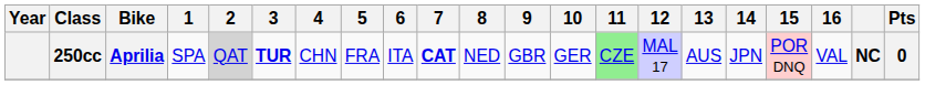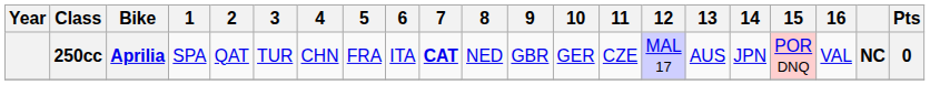 <table class="wikitable" style="text-align:center">
 <tr>
 <th>Year</th>
 <th>Class</th>
 <th>Bike</th>
 <th>1</th>
 <th>2</th>
 <th>3</th>
 <th>4</th>
 <th>5</th>
 <th>6</th>
 <th>7</th>
 <th>8</th>
 <th>9</th>
 <th>10</th>
 <th>11</th>
 <th>12</th>
 <th>13</th>
 <th>14</th>
 <th>15</th>
 <th>16</th>
 <th></th>
 <th>Pts</th>
 </tr>
 <tr>
 <th align="left"></th>
 <th align="left">250cc</th>
 <th align="left"><a href='#'>Aprilia</a></th>
 <td><a href='#'>SPA</a></td>
-<td style="background: lightgrey;"><a href='#'>QAT</a></td>
-<td><strong><a href='#'>TUR</a></strong></td>
+<td><a href='#'>QAT</a></td>
+<td><a href='#'>TUR</a></td>
 <td><a href='#'>CHN</a></td>
 <td><a href='#'>FRA</a></td>
 <td><a href='#'>ITA</a></td>
 <td><strong><a href='#'>CAT</a></strong></td>
 <td><a href='#'>NED</a></td>
 <td><a href='#'>GBR</a></td>
 <td><a href='#'>GER</a></td>
-<td style="background: lightgreen;"><a href='#'>CZE</a></td>
+<td><a href='#'>CZE</a></td>
 <td style="background:#cfcfff;"><a href='#'>MAL</a><br><small>17</small></td>
 <td><a href='#'>AUS</a></td>
 <td><a href='#'>JPN</a></td>
 <td style="background:#ffcfcf;"><a href='#'>POR</a><br><small>DNQ</small></td>
 <td><a href='#'>VAL</a></td>
 <th>NC</th>
 <th>0</th>
 </tr>
 <tr>
 </tr>
 </table>
